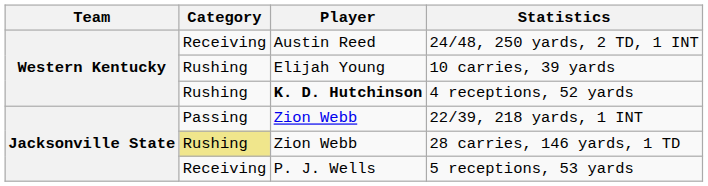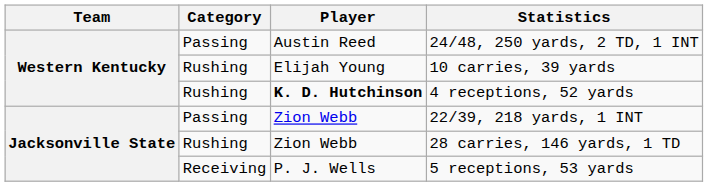 <table class="wikitable" style="float:right">
 <tr>
 <th>Team</th>
 <th>Category</th>
 <th>Player</th>
 <th>Statistics</th>
 </tr>
 <tr>
 <th rowspan=3>Western Kentucky</th>
-<td>Receiving</td>
+<td>Passing</td>
 <td>Austin Reed</td>
 <td>24/48, 250 yards, 2 TD, 1 INT</td>
 </tr>
 <tr>
 <td>Rushing</td>
 <td>Elijah Young</td>
 <td>10 carries, 39 yards</td>
 </tr>
 <tr>
 <td>Rushing</td>
 <td><strong>K. D. Hutchinson</strong></td>
 <td>4 receptions, 52 yards</td>
 </tr>
 <tr>
 <th rowspan=3>Jacksonville State</th>
 <td>Passing</td>
 <td><a href='#'>Zion Webb</a></td>
 <td>22/39, 218 yards, 1 INT</td>
 </tr>
 <tr>
-<td style="background: khaki;">Rushing</td>
+<td>Rushing</td>
 <td>Zion Webb</td>
 <td>28 carries, 146 yards, 1 TD</td>
 </tr>
 <tr>
 <td>Receiving</td>
 <td>P. J. Wells</td>
 <td>5 receptions, 53 yards</td>
 </tr>
 </table>
